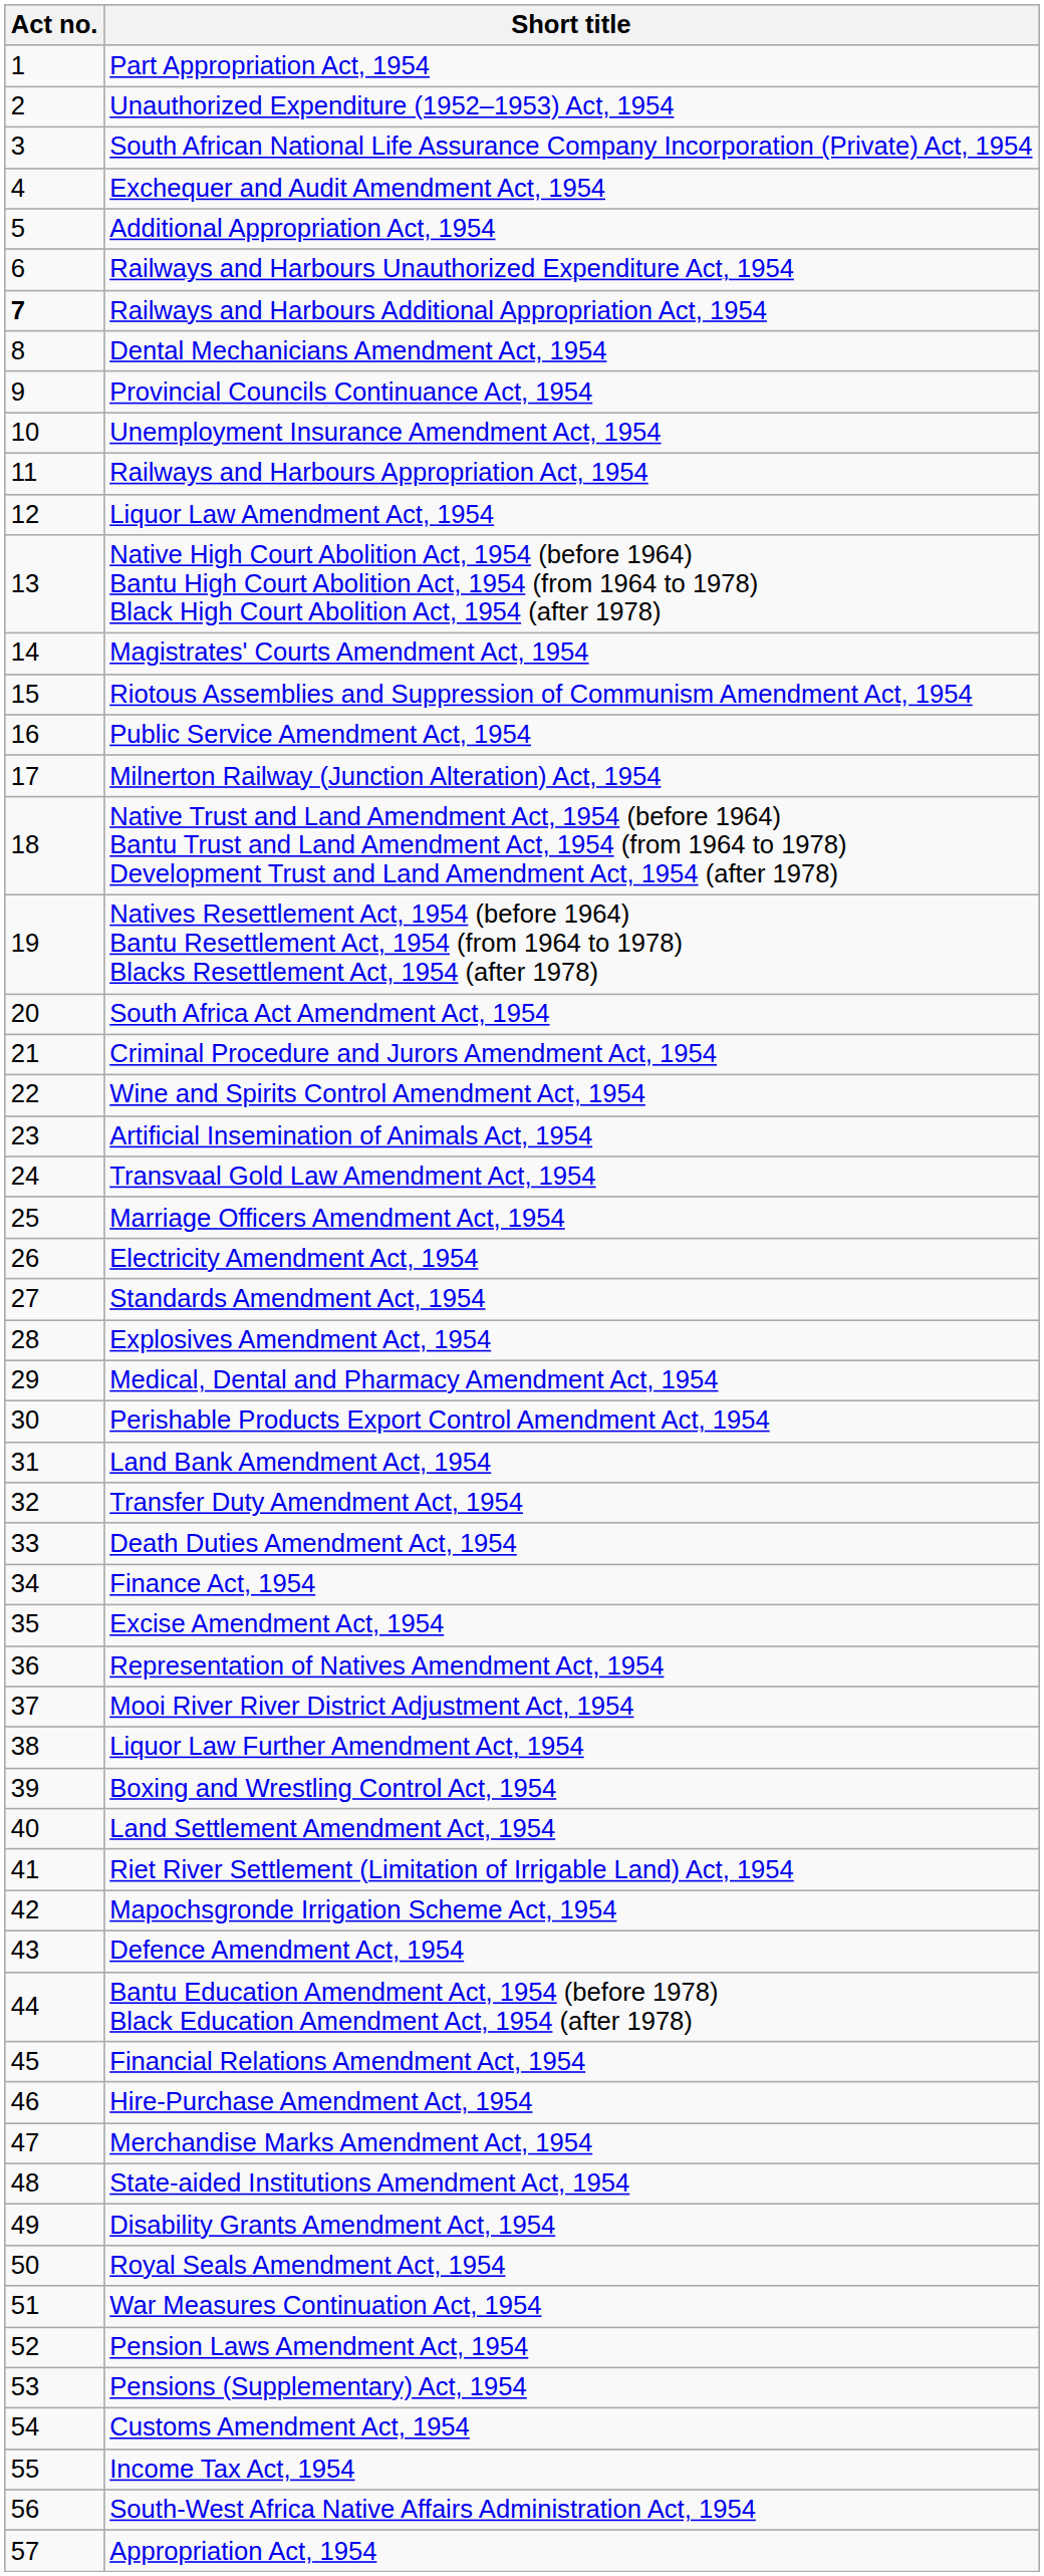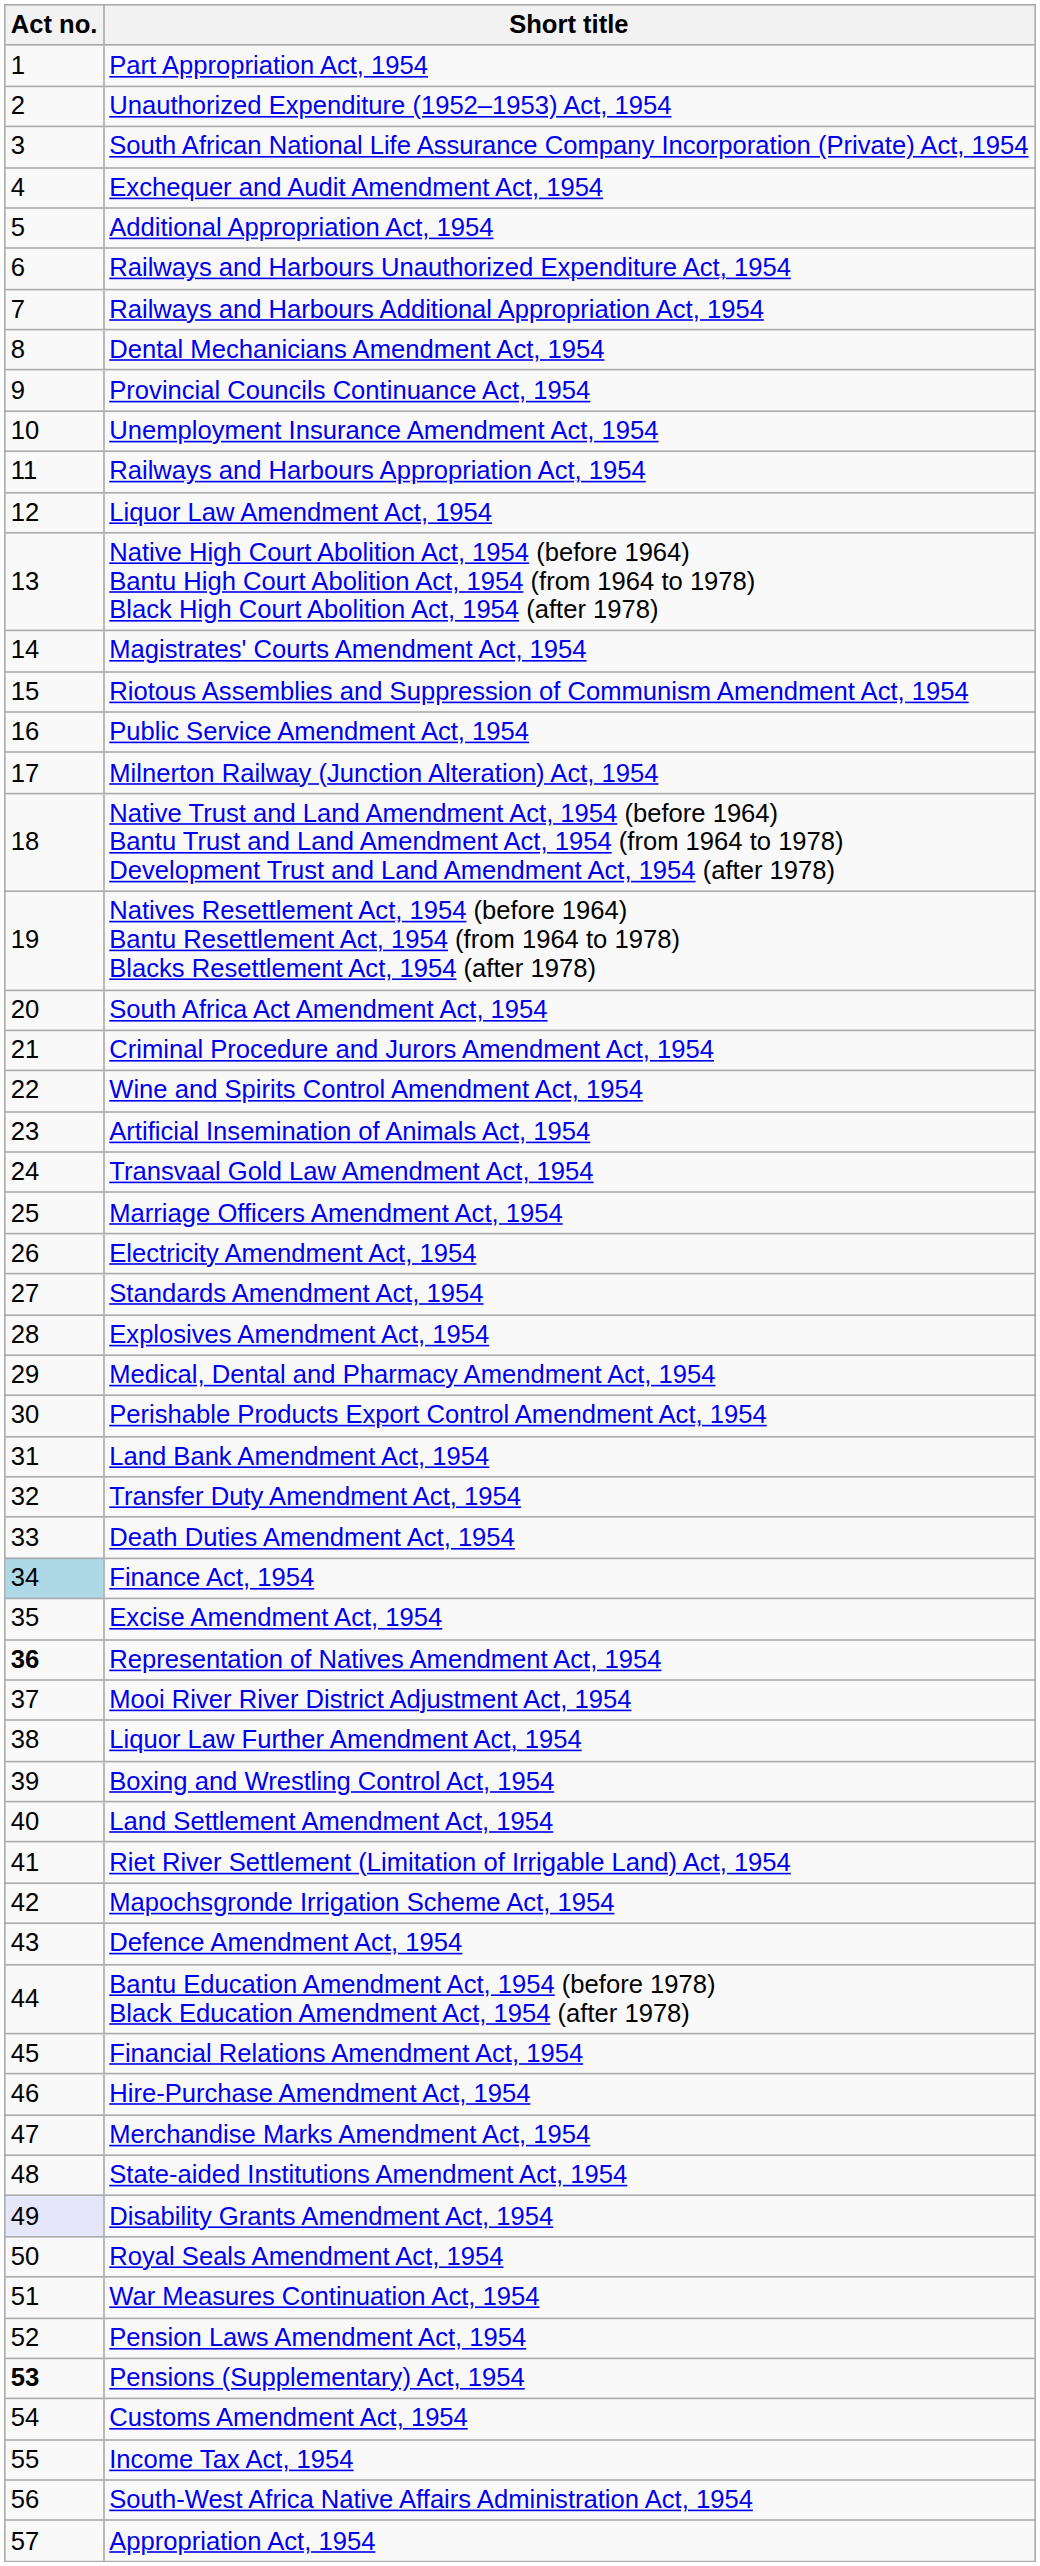 <table class="wikitable sortable">
 <tr>
 <th>Act no.</th>
 <th>Short title</th>
 </tr>
 <tr>
 <td>1</td>
 <td><a href='#'>Part Appropriation Act, 1954</a></td>
 </tr>
 <tr>
 <td>2</td>
 <td><a href='#'>Unauthorized Expenditure (1952–1953) Act, 1954</a></td>
 </tr>
 <tr>
 <td>3</td>
 <td><a href='#'>South African National Life Assurance Company Incorporation (Private) Act, 1954</a></td>
 </tr>
 <tr>
 <td>4</td>
 <td><a href='#'>Exchequer and Audit Amendment Act, 1954</a></td>
 </tr>
 <tr>
 <td>5</td>
 <td><a href='#'>Additional Appropriation Act, 1954</a></td>
 </tr>
 <tr>
 <td>6</td>
 <td><a href='#'>Railways and Harbours Unauthorized Expenditure Act, 1954</a></td>
 </tr>
 <tr>
-<td><strong>7</strong></td>
+<td>7</td>
 <td><a href='#'>Railways and Harbours Additional Appropriation Act, 1954</a></td>
 </tr>
 <tr>
 <td>8</td>
 <td><a href='#'>Dental Mechanicians Amendment Act, 1954</a></td>
 </tr>
 <tr>
 <td>9</td>
 <td><a href='#'>Provincial Councils Continuance Act, 1954</a></td>
 </tr>
 <tr>
 <td>10</td>
 <td><a href='#'>Unemployment Insurance Amendment Act, 1954</a></td>
 </tr>
 <tr>
 <td>11</td>
 <td><a href='#'>Railways and Harbours Appropriation Act, 1954</a></td>
 </tr>
 <tr>
 <td>12</td>
 <td><a href='#'>Liquor Law Amendment Act, 1954</a></td>
 </tr>
 <tr>
 <td>13</td>
 <td><a href='#'>Native High Court Abolition Act, 1954</a> (before 1964) <br><a href='#'>Bantu High Court Abolition Act, 1954</a> (from 1964 to 1978) <br><a href='#'>Black High Court Abolition Act, 1954</a> (after 1978)</td>
 </tr>
 <tr>
 <td>14</td>
 <td><a href='#'>Magistrates' Courts Amendment Act, 1954</a></td>
 </tr>
 <tr>
 <td>15</td>
 <td><a href='#'>Riotous Assemblies and Suppression of Communism Amendment Act, 1954</a></td>
 </tr>
 <tr>
 <td>16</td>
 <td><a href='#'>Public Service Amendment Act, 1954</a></td>
 </tr>
 <tr>
 <td>17</td>
 <td><a href='#'>Milnerton Railway (Junction Alteration) Act, 1954</a></td>
 </tr>
 <tr>
 <td>18</td>
 <td><a href='#'>Native Trust and Land Amendment Act, 1954</a> (before 1964) <br><a href='#'>Bantu Trust and Land Amendment Act, 1954</a> (from 1964 to 1978) <br><a href='#'>Development Trust and Land Amendment Act, 1954</a> (after 1978)</td>
 </tr>
 <tr>
 <td>19</td>
 <td><a href='#'>Natives Resettlement Act, 1954</a> (before 1964) <br><a href='#'>Bantu Resettlement Act, 1954</a> (from 1964 to 1978) <br><a href='#'>Blacks Resettlement Act, 1954</a> (after 1978)</td>
 </tr>
 <tr>
 <td>20</td>
 <td><a href='#'>South Africa Act Amendment Act, 1954</a></td>
 </tr>
 <tr>
 <td>21</td>
 <td><a href='#'>Criminal Procedure and Jurors Amendment Act, 1954</a></td>
 </tr>
 <tr>
 <td>22</td>
 <td><a href='#'>Wine and Spirits Control Amendment Act, 1954</a></td>
 </tr>
 <tr>
 <td>23</td>
 <td><a href='#'>Artificial Insemination of Animals Act, 1954</a></td>
 </tr>
 <tr>
 <td>24</td>
 <td><a href='#'>Transvaal Gold Law Amendment Act, 1954</a></td>
 </tr>
 <tr>
 <td>25</td>
 <td><a href='#'>Marriage Officers Amendment Act, 1954</a></td>
 </tr>
 <tr>
 <td>26</td>
 <td><a href='#'>Electricity Amendment Act, 1954</a></td>
 </tr>
 <tr>
 <td>27</td>
 <td><a href='#'>Standards Amendment Act, 1954</a></td>
 </tr>
 <tr>
 <td>28</td>
 <td><a href='#'>Explosives Amendment Act, 1954</a></td>
 </tr>
 <tr>
 <td>29</td>
 <td><a href='#'>Medical, Dental and Pharmacy Amendment Act, 1954</a></td>
 </tr>
 <tr>
 <td>30</td>
 <td><a href='#'>Perishable Products Export Control Amendment Act, 1954</a></td>
 </tr>
 <tr>
 <td>31</td>
 <td><a href='#'>Land Bank Amendment Act, 1954</a></td>
 </tr>
 <tr>
 <td>32</td>
 <td><a href='#'>Transfer Duty Amendment Act, 1954</a></td>
 </tr>
 <tr>
 <td>33</td>
 <td><a href='#'>Death Duties Amendment Act, 1954</a></td>
 </tr>
 <tr>
-<td>34</td>
+<td style="background: lightblue;">34</td>
 <td><a href='#'>Finance Act, 1954</a></td>
 </tr>
 <tr>
 <td>35</td>
 <td><a href='#'>Excise Amendment Act, 1954</a></td>
 </tr>
 <tr>
-<td>36</td>
+<td><strong>36</strong></td>
 <td><a href='#'>Representation of Natives Amendment Act, 1954</a></td>
 </tr>
 <tr>
 <td>37</td>
 <td><a href='#'>Mooi River River District Adjustment Act, 1954</a></td>
 </tr>
 <tr>
 <td>38</td>
 <td><a href='#'>Liquor Law Further Amendment Act, 1954</a></td>
 </tr>
 <tr>
 <td>39</td>
 <td><a href='#'>Boxing and Wrestling Control Act, 1954</a></td>
 </tr>
 <tr>
 <td>40</td>
 <td><a href='#'>Land Settlement Amendment Act, 1954</a></td>
 </tr>
 <tr>
 <td>41</td>
 <td><a href='#'>Riet River Settlement (Limitation of Irrigable Land) Act, 1954</a></td>
 </tr>
 <tr>
 <td>42</td>
 <td><a href='#'>Mapochsgronde Irrigation Scheme Act, 1954</a></td>
 </tr>
 <tr>
 <td>43</td>
 <td><a href='#'>Defence Amendment Act, 1954</a></td>
 </tr>
 <tr>
 <td>44</td>
 <td><a href='#'>Bantu Education Amendment Act, 1954</a> (before 1978) <br><a href='#'>Black Education Amendment Act, 1954</a> (after 1978)</td>
 </tr>
 <tr>
 <td>45</td>
 <td><a href='#'>Financial Relations Amendment Act, 1954</a></td>
 </tr>
 <tr>
 <td>46</td>
 <td><a href='#'>Hire-Purchase Amendment Act, 1954</a></td>
 </tr>
 <tr>
 <td>47</td>
 <td><a href='#'>Merchandise Marks Amendment Act, 1954</a></td>
 </tr>
 <tr>
 <td>48</td>
 <td><a href='#'>State-aided Institutions Amendment Act, 1954</a></td>
 </tr>
 <tr>
-<td>49</td>
+<td style="background: lavender;">49</td>
 <td><a href='#'>Disability Grants Amendment Act, 1954</a></td>
 </tr>
 <tr>
 <td>50</td>
 <td><a href='#'>Royal Seals Amendment Act, 1954</a></td>
 </tr>
 <tr>
 <td>51</td>
 <td><a href='#'>War Measures Continuation Act, 1954</a></td>
 </tr>
 <tr>
 <td>52</td>
 <td><a href='#'>Pension Laws Amendment Act, 1954</a></td>
 </tr>
 <tr>
-<td>53</td>
+<td><strong>53</strong></td>
 <td><a href='#'>Pensions (Supplementary) Act, 1954</a></td>
 </tr>
 <tr>
 <td>54</td>
 <td><a href='#'>Customs Amendment Act, 1954</a></td>
 </tr>
 <tr>
 <td>55</td>
 <td><a href='#'>Income Tax Act, 1954</a></td>
 </tr>
 <tr>
 <td>56</td>
 <td><a href='#'>South-West Africa Native Affairs Administration Act, 1954</a></td>
 </tr>
 <tr>
 <td>57</td>
 <td><a href='#'>Appropriation Act, 1954</a></td>
 </tr>
 </table>
